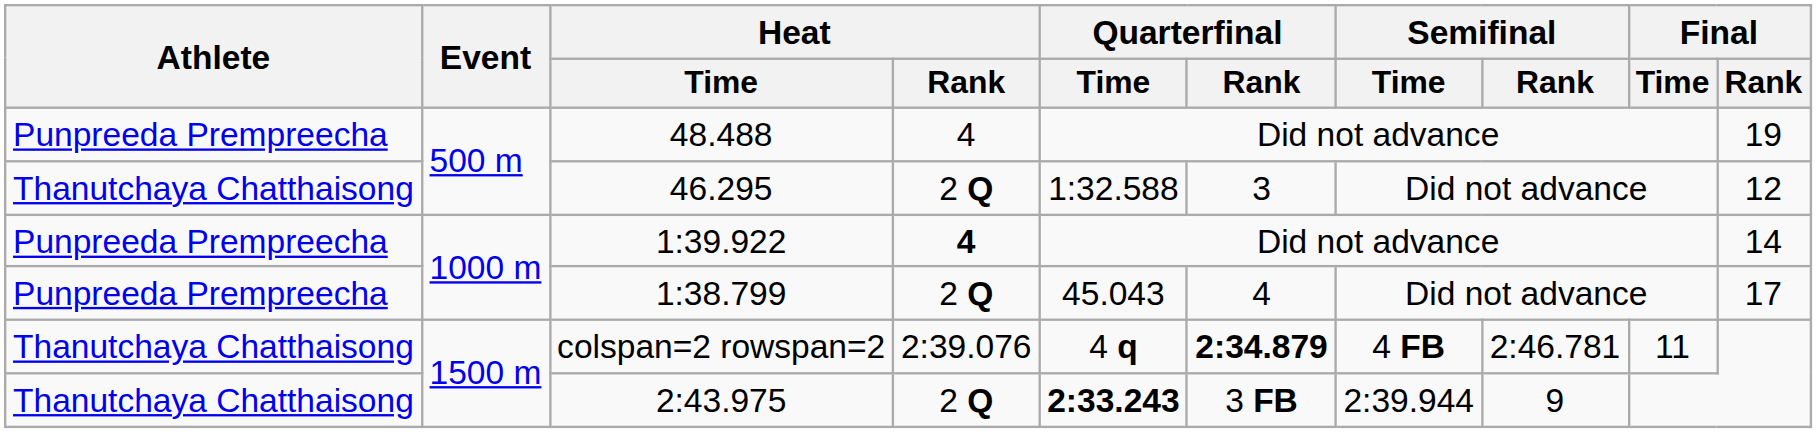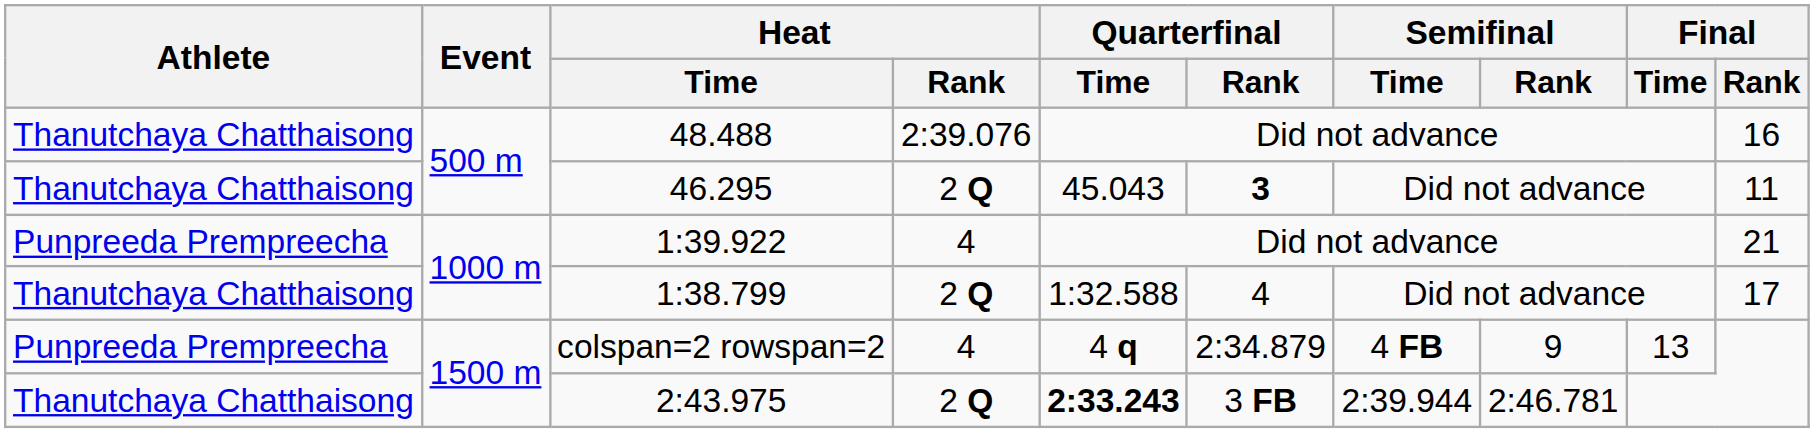 <table class=wikitable style=font-size:90%>
 <tr>
 <th rowspan=2>Athlete</th>
 <th rowspan=2>Event</th>
 <th colspan=2>Heat</th>
 <th colspan=2>Quarterfinal</th>
 <th colspan=2>Semifinal</th>
 <th colspan=2>Final</th>
 </tr>
 <tr style=font-size:95%>
 <th>Time</th>
 <th>Rank</th>
 <th>Time</th>
 <th>Rank</th>
 <th>Time</th>
 <th>Rank</th>
 <th>Time</th>
 <th>Rank</th>
 </tr>
 <tr align=center>
-<td align=left><a href='#'>Punpreeda Prempreecha</a></td>
+<td align=left><a href='#'>Thanutchaya Chatthaisong</a></td>
 <td align=left rowspan=2><a href='#'>500 m</a></td>
 <td>48.488</td>
-<td>4</td>
+<td>2:39.076</td>
 <td colspan=5>Did not advance</td>
-<td>19</td>
+<td>16</td>
 </tr>
 <tr align=center>
 <td align=left><a href='#'>Thanutchaya Chatthaisong</a></td>
 <td>46.295</td>
 <td>2 <strong>Q</strong></td>
-<td>1:32.588</td>
-<td>3</td>
+<td>45.043</td>
+<td><strong>3</strong></td>
 <td colspan=3>Did not advance</td>
-<td>12</td>
+<td>11</td>
 </tr>
 <tr align=center>
 <td align=left><a href='#'>Punpreeda Prempreecha</a></td>
 <td align=left rowspan=2><a href='#'>1000 m</a></td>
 <td>1:39.922</td>
-<td><strong>4</strong></td>
+<td>4</td>
 <td colspan=5>Did not advance</td>
-<td>14</td>
+<td>21</td>
 </tr>
 <tr align=center>
-<td align=left><a href='#'>Punpreeda Prempreecha</a></td>
+<td align=left><a href='#'>Thanutchaya Chatthaisong</a></td>
 <td>1:38.799</td>
 <td>2 <strong>Q</strong></td>
-<td>45.043</td>
+<td>1:32.588</td>
 <td>4</td>
 <td colspan=3>Did not advance</td>
 <td>17</td>
 </tr>
 <tr align=center>
-<td align=left><a href='#'>Thanutchaya Chatthaisong</a></td>
+<td align=left><a href='#'>Punpreeda Prempreecha</a></td>
 <td align=left rowspan=2><a href='#'>1500 m</a></td>
 <td>colspan=2 rowspan=2 </td>
-<td>2:39.076</td>
+<td>4</td>
 <td>4 <strong>q</strong></td>
-<td><strong>2:34.879</strong></td>
+<td>2:34.879</td>
 <td>4 <strong>FB</strong></td>
-<td>2:46.781</td>
-<td>11</td>
+<td>9</td>
+<td>13</td>
 </tr>
 <tr align=center>
 <td align=left><a href='#'>Thanutchaya Chatthaisong</a></td>
 <td>2:43.975</td>
 <td>2 <strong>Q</strong></td>
 <td><strong>2:33.243</strong></td>
 <td>3 <strong>FB</strong></td>
 <td>2:39.944</td>
-<td>9</td>
+<td>2:46.781</td>
 </tr>
 </table>
